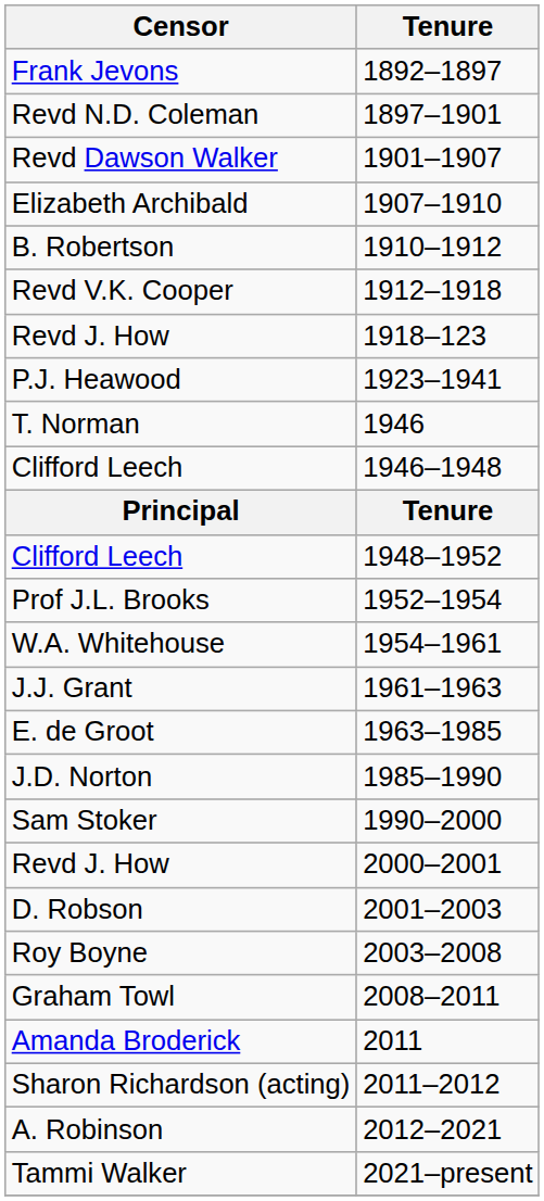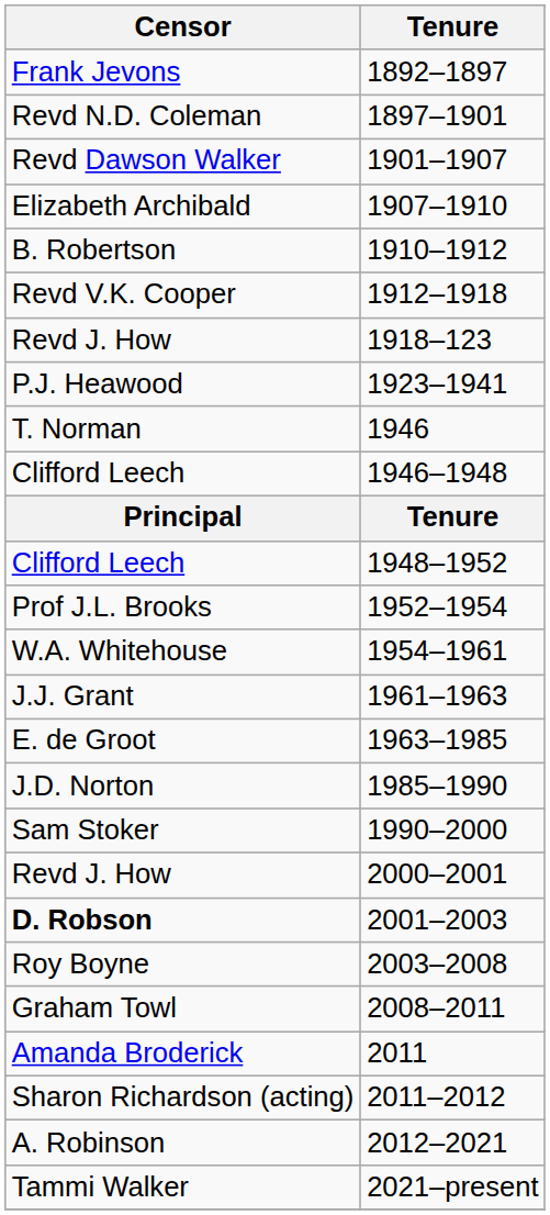 <table class="wikitable">
 <tr>
 <th>Censor</th>
 <th>Tenure</th>
 </tr>
 <tr>
 <td><a href='#'>Frank Jevons</a></td>
 <td>1892–1897</td>
 </tr>
 <tr>
 <td>Revd N.D. Coleman</td>
 <td>1897–1901</td>
 </tr>
 <tr>
 <td>Revd <a href='#'>Dawson Walker</a></td>
 <td>1901–1907</td>
 </tr>
 <tr>
 <td>Elizabeth Archibald</td>
 <td>1907–1910</td>
 </tr>
 <tr>
 <td>B. Robertson</td>
 <td>1910–1912</td>
 </tr>
 <tr>
 <td>Revd V.K. Cooper</td>
 <td>1912–1918</td>
 </tr>
 <tr>
 <td>Revd J. How</td>
 <td>1918–123</td>
 </tr>
 <tr>
 <td>P.J. Heawood</td>
 <td>1923–1941</td>
 </tr>
 <tr>
 <td>T. Norman</td>
 <td>1946</td>
 </tr>
 <tr>
 <td>Clifford Leech</td>
 <td>1946–1948</td>
 </tr>
 <tr>
 <th>Principal</th>
 <th>Tenure</th>
 </tr>
 <tr>
 <td><a href='#'>Clifford Leech</a></td>
 <td>1948–1952</td>
 </tr>
 <tr>
 <td>Prof J.L. Brooks</td>
 <td>1952–1954</td>
 </tr>
 <tr>
 <td>W.A. Whitehouse</td>
 <td>1954–1961</td>
 </tr>
 <tr>
 <td>J.J. Grant</td>
 <td>1961–1963</td>
 </tr>
 <tr>
 <td>E. de Groot</td>
 <td>1963–1985</td>
 </tr>
 <tr>
 <td>J.D. Norton</td>
 <td>1985–1990</td>
 </tr>
 <tr>
 <td>Sam Stoker</td>
 <td>1990–2000</td>
 </tr>
 <tr>
 <td>Revd J. How</td>
 <td>2000–2001</td>
 </tr>
 <tr>
-<td>D. Robson</td>
+<td><strong>D. Robson</strong></td>
 <td>2001–2003</td>
 </tr>
 <tr>
 <td>Roy Boyne</td>
 <td>2003–2008</td>
 </tr>
 <tr>
 <td>Graham Towl</td>
 <td>2008–2011</td>
 </tr>
 <tr>
 <td><a href='#'>Amanda Broderick</a></td>
 <td>2011</td>
 </tr>
 <tr>
 <td>Sharon Richardson (acting)</td>
 <td>2011–2012</td>
 </tr>
 <tr>
 <td>A. Robinson</td>
 <td>2012–2021</td>
 </tr>
 <tr>
 <td>Tammi Walker</td>
 <td>2021–present</td>
 </tr>
 <tr>
 </tr>
 </table>
